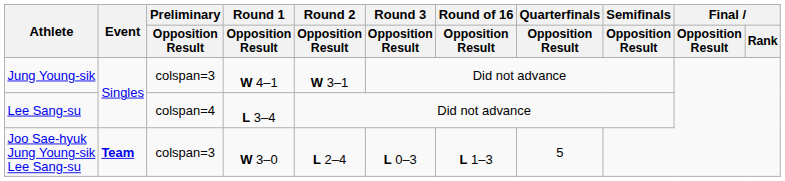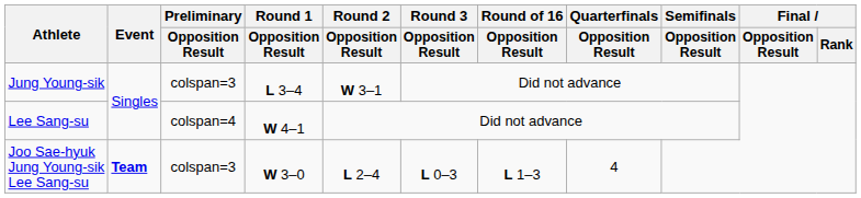 <table class="wikitable" style="font-size:90%;">
 <tr>
 <th rowspan=2>Athlete</th>
 <th rowspan=2>Event</th>
 <th>Preliminary</th>
 <th>Round 1</th>
 <th>Round 2</th>
 <th>Round 3</th>
 <th>Round of 16</th>
 <th>Quarterfinals</th>
 <th>Semifinals</th>
 <th colspan=2>Final / </th>
 </tr>
 <tr style="font-size:95%">
 <th>Opposition<br>Result</th>
 <th>Opposition<br>Result</th>
 <th>Opposition<br>Result</th>
 <th>Opposition<br>Result</th>
 <th>Opposition<br>Result</th>
 <th>Opposition<br>Result</th>
 <th>Opposition<br>Result</th>
 <th>Opposition<br>Result</th>
 <th>Rank</th>
 </tr>
 <tr align=center>
 <td align=left><a href='#'>Jung Young-sik</a></td>
 <td align=left rowspan=2><a href='#'>Singles</a></td>
 <td>colspan=3 </td>
-<td><br><strong>W</strong> 4–1</td>
+<td><br><strong>L</strong> 3–4</td>
 <td><br><strong>W</strong> 3–1</td>
 <td colspan=4>Did not advance</td>
 </tr>
 <tr align=center>
 <td align=left><a href='#'>Lee Sang-su</a></td>
 <td>colspan=4 </td>
-<td><br><strong>L</strong> 3–4</td>
+<td><br><strong>W</strong> 4–1</td>
 <td colspan=5>Did not advance</td>
 </tr>
 <tr align=center>
 <td align=left><a href='#'>Joo Sae-hyuk</a><br><a href='#'>Jung Young-sik</a><br><a href='#'>Lee Sang-su</a></td>
 <td align=left><strong><a href='#'>Team</a></strong></td>
 <td>colspan=3 </td>
 <td><br><strong>W</strong> 3–0</td>
 <td><br><strong>L</strong> 2–4</td>
 <td><br><strong>L</strong> 0–3</td>
 <td><br><strong>L</strong> 1–3</td>
-<td>5</td>
+<td>4</td>
 </tr>
 </table>
